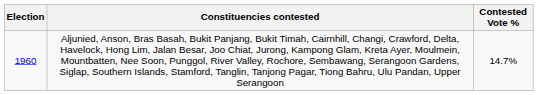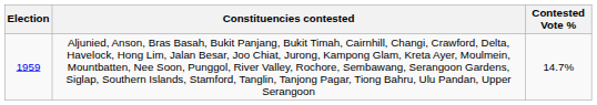 <table class="wikitable" style="text-align: center">
 <tr>
 <th>Election</th>
 <th>Constituencies contested</th>
 <th>Contested Vote %</th>
 </tr>
 <tr>
-<td><a href='#'>1960</a></td>
+<td><a href='#'>1959</a></td>
 <td>Aljunied, Anson, Bras Basah, Bukit Panjang, Bukit Timah, Cairnhill, Changi, Crawford, Delta, Havelock, Hong Lim, Jalan Besar, Joo Chiat, Jurong, Kampong Glam, Kreta Ayer, Moulmein, Mountbatten, Nee Soon, Punggol, River Valley, Rochore, Sembawang, Serangoon Gardens, Siglap, Southern Islands, Stamford, Tanglin, Tanjong Pagar, Tiong Bahru, Ulu Pandan, Upper Serangoon</td>
 <td>14.7%</td>
 </tr>
 </table>
